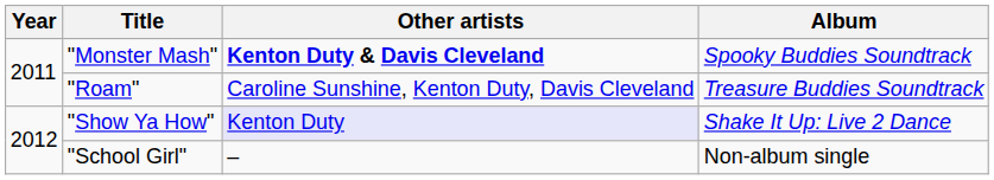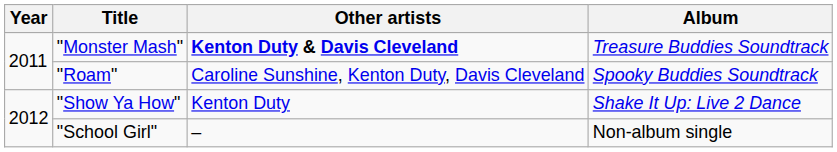 <table class="wikitable">
 <tr>
 <th>Year</th>
 <th>Title</th>
 <th>Other artists</th>
 <th>Album</th>
 </tr>
 <tr>
 <td rowspan=2>2011</td>
 <td>"<a href='#'>Monster Mash</a>"</td>
 <td><strong><a href='#'>Kenton Duty</a> & <a href='#'>Davis Cleveland</a></strong></td>
-<td><em><a href='#'>Spooky Buddies Soundtrack</a></em></td>
+<td><em><a href='#'>Treasure Buddies Soundtrack</a></em></td>
 </tr>
 <tr>
 <td>"<a href='#'>Roam</a>"</td>
 <td><a href='#'>Caroline Sunshine</a>, <a href='#'>Kenton Duty</a>, <a href='#'>Davis Cleveland</a></td>
-<td><em><a href='#'>Treasure Buddies Soundtrack</a></em></td>
+<td><em><a href='#'>Spooky Buddies Soundtrack</a></em></td>
 </tr>
 <tr>
 <td rowspan=2>2012</td>
 <td>"<a href='#'>Show Ya How</a>"</td>
-<td style="background: lavender;"><a href='#'>Kenton Duty</a></td>
+<td><a href='#'>Kenton Duty</a></td>
 <td><em><a href='#'>Shake It Up: Live 2 Dance</a></em></td>
 </tr>
 <tr>
 <td>"School Girl"</td>
 <td>–</td>
 <td>Non-album single</td>
 </tr>
 </table>
